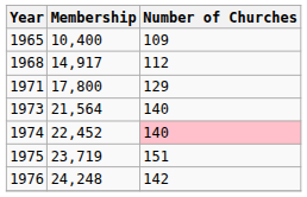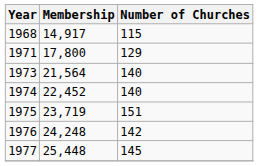 <table class="wikitable" style="margin:auto auto auto auto; front-size:95%; float:right;">
 <tr>
 <th>Year</th>
 <th>Membership</th>
 <th>Number of Churches</th>
 </tr>
 <tr>
-<td>1965</td>
-<td>10,400</td>
-<td>109</td>
-</tr>
-<tr>
 <td>1968</td>
 <td>14,917</td>
-<td>112</td>
+<td>115</td>
 </tr>
 <tr>
 <td>1971</td>
 <td>17,800</td>
 <td>129</td>
 </tr>
 <tr>
 <td>1973</td>
 <td>21,564</td>
 <td>140</td>
 </tr>
 <tr>
 <td>1974</td>
 <td>22,452</td>
-<td style="background: pink;">140</td>
+<td>140</td>
 </tr>
 <tr>
 <td>1975</td>
 <td>23,719</td>
 <td>151</td>
 </tr>
 <tr>
 <td>1976</td>
 <td>24,248</td>
 <td>142</td>
 </tr>
 <tr>
+<td>1977</td>
+<td>25,448</td>
+<td>145</td>
+</tr>
+<tr>
 </tr>
 </table>
